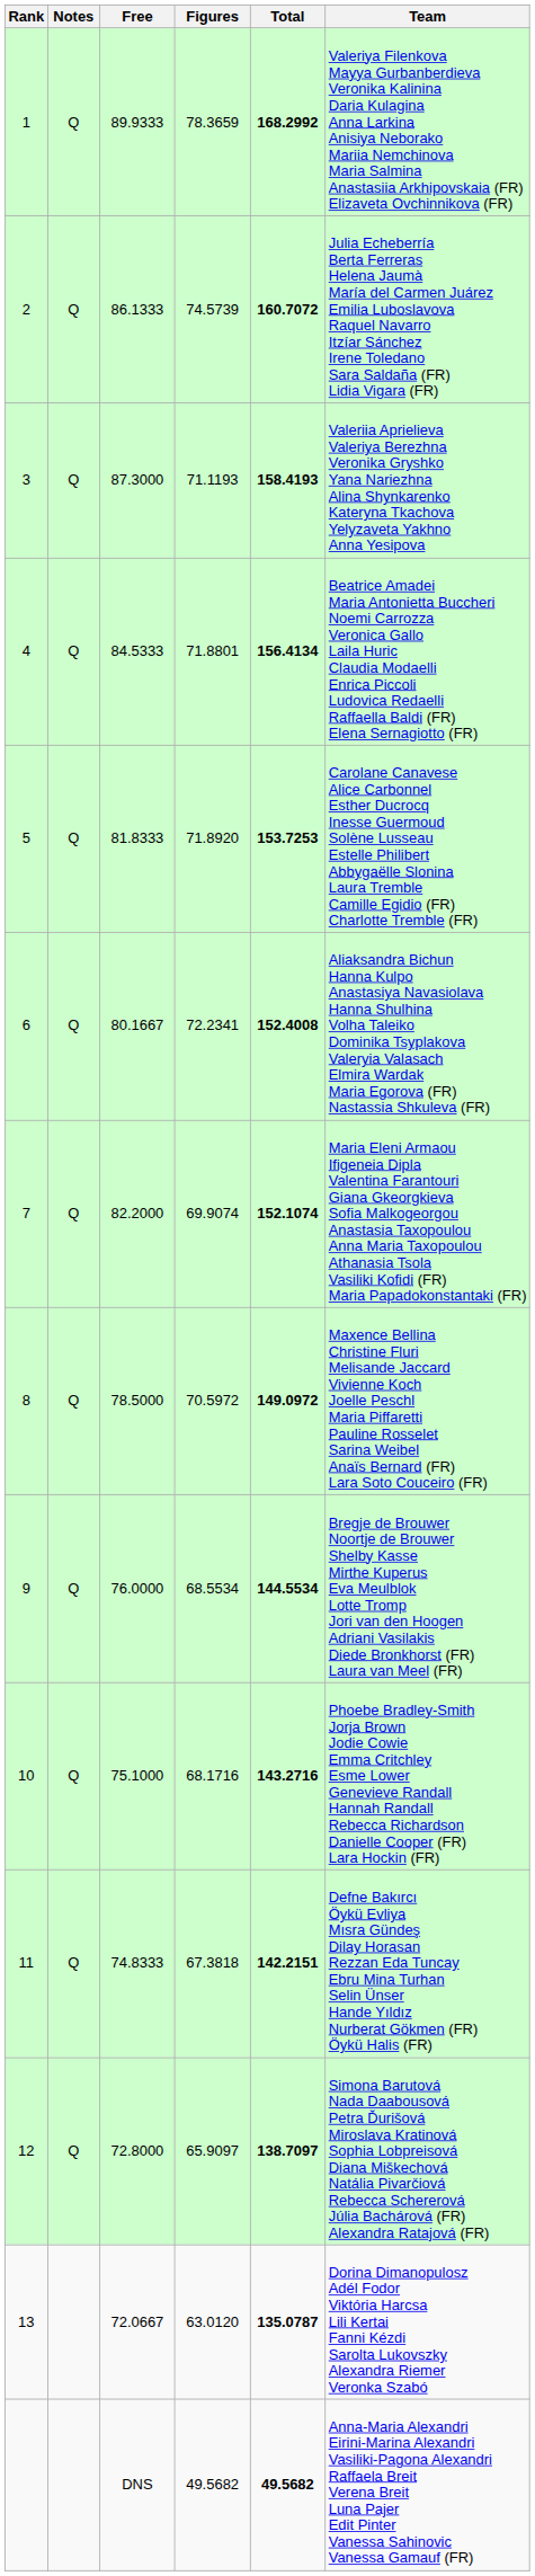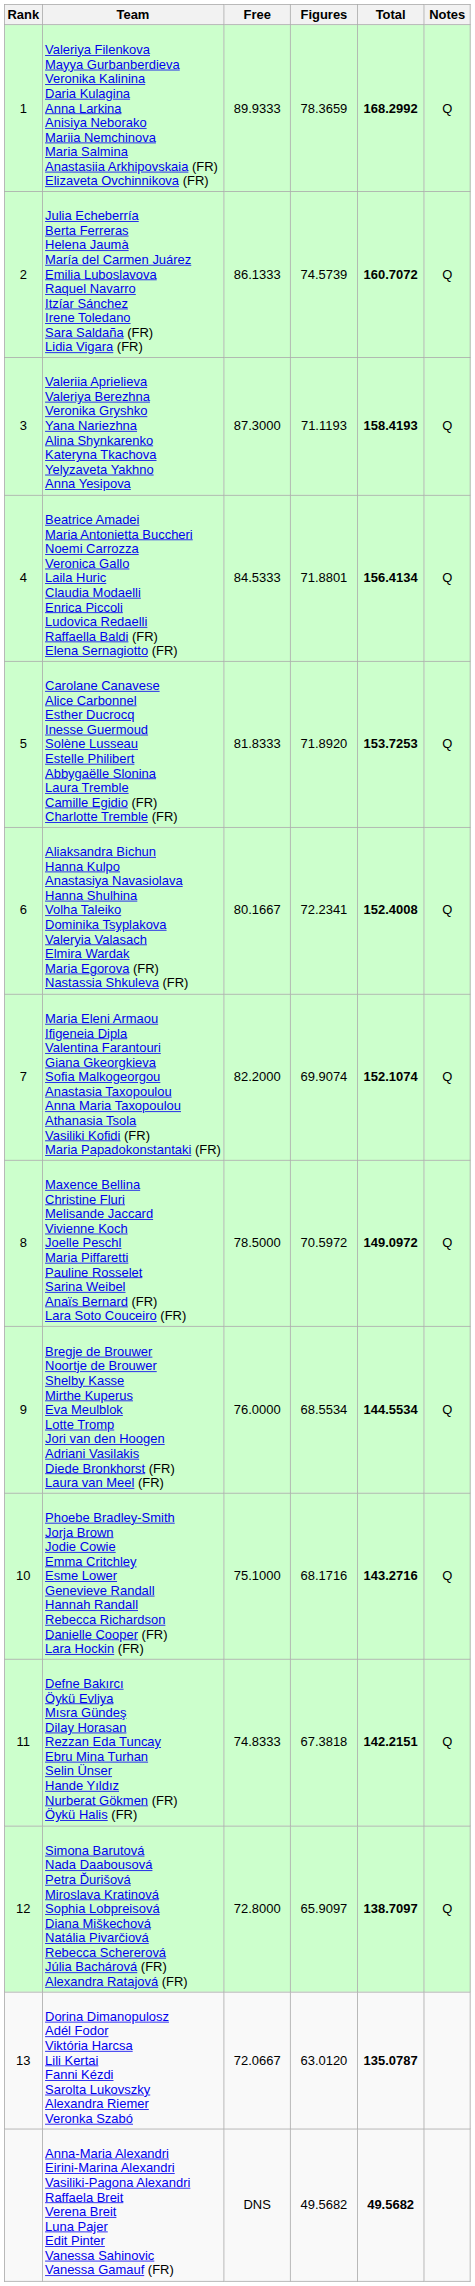 <table class="wikitable sortable" style="text-align:center">
 <tr>
 <th>Rank</th>
-<th width=50>Notes</th>
+<th>Team</th>
 <th width=75>Free</th>
 <th width=75>Figures</th>
 <th width=75>Total</th>
-<th>Team</th>
+<th width=50>Notes</th>
 </tr>
 <tr bgcolor=ccffcc>
 <td>1</td>
-<td>Q</td>
+<td align=left><br><a href='#'>Valeriya Filenkova</a><br><a href='#'>Mayya Gurbanberdieva</a><br><a href='#'>Veronika Kalinina</a><br><a href='#'>Daria Kulagina</a><br><a href='#'>Anna Larkina</a><br><a href='#'>Anisiya Neborako</a><br><a href='#'>Mariia Nemchinova</a><br><a href='#'>Maria Salmina</a><br><a href='#'>Anastasiia Arkhipovskaia</a> (FR)<br><a href='#'>Elizaveta Ovchinnikova</a> (FR)</td>
 <td>89.9333</td>
 <td>78.3659</td>
 <td><strong>168.2992</strong></td>
-<td align=left><br><a href='#'>Valeriya Filenkova</a><br><a href='#'>Mayya Gurbanberdieva</a><br><a href='#'>Veronika Kalinina</a><br><a href='#'>Daria Kulagina</a><br><a href='#'>Anna Larkina</a><br><a href='#'>Anisiya Neborako</a><br><a href='#'>Mariia Nemchinova</a><br><a href='#'>Maria Salmina</a><br><a href='#'>Anastasiia Arkhipovskaia</a> (FR)<br><a href='#'>Elizaveta Ovchinnikova</a> (FR)</td>
+<td>Q</td>
 </tr>
 <tr bgcolor=ccffcc>
 <td>2</td>
-<td>Q</td>
+<td align=left><br><a href='#'>Julia Echeberría</a><br><a href='#'>Berta Ferreras</a><br><a href='#'>Helena Jaumà</a><br><a href='#'>María del Carmen Juárez</a><br><a href='#'>Emilia Luboslavova</a><br><a href='#'>Raquel Navarro</a><br><a href='#'>Itzíar Sánchez</a><br><a href='#'>Irene Toledano</a><br><a href='#'>Sara Saldaña</a> (FR)<br><a href='#'>Lidia Vigara</a> (FR)</td>
 <td>86.1333</td>
 <td>74.5739</td>
 <td><strong>160.7072</strong></td>
-<td align=left><br><a href='#'>Julia Echeberría</a><br><a href='#'>Berta Ferreras</a><br><a href='#'>Helena Jaumà</a><br><a href='#'>María del Carmen Juárez</a><br><a href='#'>Emilia Luboslavova</a><br><a href='#'>Raquel Navarro</a><br><a href='#'>Itzíar Sánchez</a><br><a href='#'>Irene Toledano</a><br><a href='#'>Sara Saldaña</a> (FR)<br><a href='#'>Lidia Vigara</a> (FR)</td>
+<td>Q</td>
 </tr>
 <tr bgcolor=ccffcc>
 <td>3</td>
-<td>Q</td>
+<td align=left><br><a href='#'>Valeriia Aprielieva</a><br><a href='#'>Valeriya Berezhna</a><br><a href='#'>Veronika Gryshko</a><br><a href='#'>Yana Nariezhna</a><br><a href='#'>Alina Shynkarenko</a><br><a href='#'>Kateryna Tkachova</a><br><a href='#'>Yelyzaveta Yakhno</a><br><a href='#'>Anna Yesipova</a></td>
 <td>87.3000</td>
 <td>71.1193</td>
 <td><strong>158.4193</strong></td>
-<td align=left><br><a href='#'>Valeriia Aprielieva</a><br><a href='#'>Valeriya Berezhna</a><br><a href='#'>Veronika Gryshko</a><br><a href='#'>Yana Nariezhna</a><br><a href='#'>Alina Shynkarenko</a><br><a href='#'>Kateryna Tkachova</a><br><a href='#'>Yelyzaveta Yakhno</a><br><a href='#'>Anna Yesipova</a></td>
+<td>Q</td>
 </tr>
 <tr bgcolor=ccffcc>
 <td>4</td>
-<td>Q</td>
+<td align=left><br><a href='#'>Beatrice Amadei</a><br><a href='#'>Maria Antonietta Buccheri</a><br><a href='#'>Noemi Carrozza</a><br><a href='#'>Veronica Gallo</a><br><a href='#'>Laila Huric</a><br><a href='#'>Claudia Modaelli</a><br><a href='#'>Enrica Piccoli</a><br><a href='#'>Ludovica Redaelli</a><br><a href='#'>Raffaella Baldi</a> (FR)<br><a href='#'>Elena Sernagiotto</a> (FR)</td>
 <td>84.5333</td>
 <td>71.8801</td>
 <td><strong>156.4134</strong></td>
-<td align=left><br><a href='#'>Beatrice Amadei</a><br><a href='#'>Maria Antonietta Buccheri</a><br><a href='#'>Noemi Carrozza</a><br><a href='#'>Veronica Gallo</a><br><a href='#'>Laila Huric</a><br><a href='#'>Claudia Modaelli</a><br><a href='#'>Enrica Piccoli</a><br><a href='#'>Ludovica Redaelli</a><br><a href='#'>Raffaella Baldi</a> (FR)<br><a href='#'>Elena Sernagiotto</a> (FR)</td>
+<td>Q</td>
 </tr>
 <tr bgcolor=ccffcc>
 <td>5</td>
-<td>Q</td>
+<td align=left><br><a href='#'>Carolane Canavese</a><br><a href='#'>Alice Carbonnel</a><br><a href='#'>Esther Ducrocq</a><br><a href='#'>Inesse Guermoud</a><br><a href='#'>Solène Lusseau</a><br> <a href='#'>Estelle Philibert</a><br><a href='#'>Abbygaëlle Slonina</a><br> <a href='#'>Laura Tremble</a><br><a href='#'>Camille Egidio</a> (FR)<br><a href='#'>Charlotte Tremble</a> (FR)</td>
 <td>81.8333</td>
 <td>71.8920</td>
 <td><strong>153.7253</strong></td>
-<td align=left><br><a href='#'>Carolane Canavese</a><br><a href='#'>Alice Carbonnel</a><br><a href='#'>Esther Ducrocq</a><br><a href='#'>Inesse Guermoud</a><br><a href='#'>Solène Lusseau</a><br> <a href='#'>Estelle Philibert</a><br><a href='#'>Abbygaëlle Slonina</a><br> <a href='#'>Laura Tremble</a><br><a href='#'>Camille Egidio</a> (FR)<br><a href='#'>Charlotte Tremble</a> (FR)</td>
+<td>Q</td>
 </tr>
 <tr bgcolor=ccffcc>
 <td>6</td>
-<td>Q</td>
+<td align=left><br> <a href='#'>Aliaksandra Bichun</a><br> <a href='#'>Hanna Kulpo</a><br><a href='#'>Anastasiya Navasiolava</a><br><a href='#'>Hanna Shulhina</a><br><a href='#'>Volha Taleiko</a><br><a href='#'>Dominika Tsyplakova</a><br><a href='#'>Valeryia Valasach</a><br><a href='#'>Elmira Wardak</a><br><a href='#'>Maria Egorova</a> (FR)<br><a href='#'>Nastassia Shkuleva</a> (FR)</td>
 <td>80.1667</td>
 <td>72.2341</td>
 <td><strong>152.4008</strong></td>
-<td align=left><br> <a href='#'>Aliaksandra Bichun</a><br> <a href='#'>Hanna Kulpo</a><br><a href='#'>Anastasiya Navasiolava</a><br><a href='#'>Hanna Shulhina</a><br><a href='#'>Volha Taleiko</a><br><a href='#'>Dominika Tsyplakova</a><br><a href='#'>Valeryia Valasach</a><br><a href='#'>Elmira Wardak</a><br><a href='#'>Maria Egorova</a> (FR)<br><a href='#'>Nastassia Shkuleva</a> (FR)</td>
+<td>Q</td>
 </tr>
 <tr bgcolor=ccffcc>
 <td>7</td>
-<td>Q</td>
+<td align=left><br><a href='#'>Maria Eleni Armaou</a><br><a href='#'>Ifigeneia Dipla</a><br><a href='#'>Valentina Farantouri</a><br><a href='#'>Giana Gkeorgkieva</a><br><a href='#'>Sofia Malkogeorgou</a><br><a href='#'>Anastasia Taxopoulou</a><br><a href='#'>Anna Maria Taxopoulou</a><br><a href='#'>Athanasia Tsola</a><br><a href='#'>Vasiliki Kofidi</a> (FR)<br><a href='#'>Maria Papadokonstantaki</a> (FR)</td>
 <td>82.2000</td>
 <td>69.9074</td>
 <td><strong>152.1074</strong></td>
-<td align=left><br><a href='#'>Maria Eleni Armaou</a><br><a href='#'>Ifigeneia Dipla</a><br><a href='#'>Valentina Farantouri</a><br><a href='#'>Giana Gkeorgkieva</a><br><a href='#'>Sofia Malkogeorgou</a><br><a href='#'>Anastasia Taxopoulou</a><br><a href='#'>Anna Maria Taxopoulou</a><br><a href='#'>Athanasia Tsola</a><br><a href='#'>Vasiliki Kofidi</a> (FR)<br><a href='#'>Maria Papadokonstantaki</a> (FR)</td>
+<td>Q</td>
 </tr>
 <tr bgcolor=ccffcc>
 <td>8</td>
-<td>Q</td>
+<td align=left><br><a href='#'>Maxence Bellina</a><br><a href='#'>Christine Fluri</a><br><a href='#'>Melisande Jaccard</a><br><a href='#'>Vivienne Koch</a><br><a href='#'>Joelle Peschl</a><br><a href='#'>Maria Piffaretti</a><br><a href='#'>Pauline Rosselet</a><br><a href='#'>Sarina Weibel</a><br><a href='#'>Anaïs Bernard</a> (FR)<br><a href='#'>Lara Soto Couceiro</a> (FR)</td>
 <td>78.5000</td>
 <td>70.5972</td>
 <td><strong>149.0972</strong></td>
-<td align=left><br><a href='#'>Maxence Bellina</a><br><a href='#'>Christine Fluri</a><br><a href='#'>Melisande Jaccard</a><br><a href='#'>Vivienne Koch</a><br><a href='#'>Joelle Peschl</a><br><a href='#'>Maria Piffaretti</a><br><a href='#'>Pauline Rosselet</a><br><a href='#'>Sarina Weibel</a><br><a href='#'>Anaïs Bernard</a> (FR)<br><a href='#'>Lara Soto Couceiro</a> (FR)</td>
+<td>Q</td>
 </tr>
 <tr bgcolor=ccffcc>
 <td>9</td>
-<td>Q</td>
+<td align=left><br><a href='#'>Bregje de Brouwer</a><br><a href='#'>Noortje de Brouwer</a><br><a href='#'>Shelby Kasse</a><br><a href='#'>Mirthe Kuperus</a><br><a href='#'>Eva Meulblok</a><br><a href='#'>Lotte Tromp</a><br><a href='#'>Jori van den Hoogen</a><br><a href='#'>Adriani Vasilakis</a><br><a href='#'>Diede Bronkhorst</a> (FR)<br> <a href='#'>Laura van Meel</a> (FR)</td>
 <td>76.0000</td>
 <td>68.5534</td>
 <td><strong>144.5534</strong></td>
-<td align=left><br><a href='#'>Bregje de Brouwer</a><br><a href='#'>Noortje de Brouwer</a><br><a href='#'>Shelby Kasse</a><br><a href='#'>Mirthe Kuperus</a><br><a href='#'>Eva Meulblok</a><br><a href='#'>Lotte Tromp</a><br><a href='#'>Jori van den Hoogen</a><br><a href='#'>Adriani Vasilakis</a><br><a href='#'>Diede Bronkhorst</a> (FR)<br> <a href='#'>Laura van Meel</a> (FR)</td>
+<td>Q</td>
 </tr>
 <tr bgcolor=ccffcc>
 <td>10</td>
-<td>Q</td>
+<td align=left><br><a href='#'>Phoebe Bradley-Smith</a><br><a href='#'>Jorja Brown</a><br><a href='#'>Jodie Cowie</a><br><a href='#'>Emma Critchley</a><br><a href='#'>Esme Lower</a><br><a href='#'>Genevieve Randall</a><br><a href='#'>Hannah Randall</a><br><a href='#'>Rebecca Richardson</a><br><a href='#'>Danielle Cooper</a> (FR)<br> <a href='#'>Lara Hockin</a> (FR)</td>
 <td>75.1000</td>
 <td>68.1716</td>
 <td><strong>143.2716</strong></td>
-<td align=left><br><a href='#'>Phoebe Bradley-Smith</a><br><a href='#'>Jorja Brown</a><br><a href='#'>Jodie Cowie</a><br><a href='#'>Emma Critchley</a><br><a href='#'>Esme Lower</a><br><a href='#'>Genevieve Randall</a><br><a href='#'>Hannah Randall</a><br><a href='#'>Rebecca Richardson</a><br><a href='#'>Danielle Cooper</a> (FR)<br> <a href='#'>Lara Hockin</a> (FR)</td>
+<td>Q</td>
 </tr>
 <tr bgcolor=ccffcc>
 <td>11</td>
-<td>Q</td>
+<td align=left><br><a href='#'>Defne Bakırcı</a><br><a href='#'>Öykü Evliya</a><br><a href='#'>Mısra Gündeş</a><br><a href='#'>Dilay Horasan</a><br><a href='#'>Rezzan Eda Tuncay</a><br><a href='#'>Ebru Mina Turhan</a><br><a href='#'>Selin Ünser</a><br><a href='#'>Hande Yıldız</a><br><a href='#'>Nurberat Gökmen</a> (FR)<br><a href='#'>Öykü Halis</a> (FR)</td>
 <td>74.8333</td>
 <td>67.3818</td>
 <td><strong>142.2151</strong></td>
-<td align=left><br><a href='#'>Defne Bakırcı</a><br><a href='#'>Öykü Evliya</a><br><a href='#'>Mısra Gündeş</a><br><a href='#'>Dilay Horasan</a><br><a href='#'>Rezzan Eda Tuncay</a><br><a href='#'>Ebru Mina Turhan</a><br><a href='#'>Selin Ünser</a><br><a href='#'>Hande Yıldız</a><br><a href='#'>Nurberat Gökmen</a> (FR)<br><a href='#'>Öykü Halis</a> (FR)</td>
+<td>Q</td>
 </tr>
 <tr bgcolor=ccffcc>
 <td>12</td>
-<td>Q</td>
+<td align=left><br><a href='#'>Simona Barutová</a><br><a href='#'>Nada Daabousová</a><br><a href='#'>Petra Ďurišová</a><br><a href='#'>Miroslava Kratinová</a><br><a href='#'>Sophia Lobpreisová</a><br><a href='#'>Diana Miškechová</a><br><a href='#'>Natália Pivarčiová</a><br><a href='#'>Rebecca Schererová</a><br><a href='#'>Júlia Bachárová</a> (FR)<br><a href='#'>Alexandra Ratajová</a> (FR)</td>
 <td>72.8000</td>
 <td>65.9097</td>
 <td><strong>138.7097</strong></td>
-<td align=left><br><a href='#'>Simona Barutová</a><br><a href='#'>Nada Daabousová</a><br><a href='#'>Petra Ďurišová</a><br><a href='#'>Miroslava Kratinová</a><br><a href='#'>Sophia Lobpreisová</a><br><a href='#'>Diana Miškechová</a><br><a href='#'>Natália Pivarčiová</a><br><a href='#'>Rebecca Schererová</a><br><a href='#'>Júlia Bachárová</a> (FR)<br><a href='#'>Alexandra Ratajová</a> (FR)</td>
+<td>Q</td>
 </tr>
 <tr>
 <td>13</td>
-<td></td>
+<td align=left><br><a href='#'>Dorina Dimanopulosz</a><br><a href='#'>Adél Fodor</a><br><a href='#'>Viktória Harcsa</a><br><a href='#'>Lili Kertai</a><br><a href='#'>Fanni Kézdi</a><br><a href='#'>Sarolta Lukovszky</a><br><a href='#'>Alexandra Riemer</a><br><a href='#'>Veronka Szabó</a></td>
 <td>72.0667</td>
 <td>63.0120</td>
 <td><strong>135.0787</strong></td>
-<td align=left><br><a href='#'>Dorina Dimanopulosz</a><br><a href='#'>Adél Fodor</a><br><a href='#'>Viktória Harcsa</a><br><a href='#'>Lili Kertai</a><br><a href='#'>Fanni Kézdi</a><br><a href='#'>Sarolta Lukovszky</a><br><a href='#'>Alexandra Riemer</a><br><a href='#'>Veronka Szabó</a></td>
+<td></td>
 </tr>
 <tr>
 <td></td>
-<td></td>
+<td align=left><br><a href='#'>Anna-Maria Alexandri</a><br><a href='#'>Eirini-Marina Alexandri</a><br><a href='#'>Vasiliki-Pagona Alexandri</a><br><a href='#'>Raffaela Breit</a><br><a href='#'>Verena Breit</a><br><a href='#'>Luna Pajer</a><br><a href='#'>Edit Pinter</a><br><a href='#'>Vanessa Sahinovic</a><br><a href='#'>Vanessa Gamauf</a> (FR)</td>
 <td>DNS</td>
 <td>49.5682</td>
 <td><strong>49.5682</strong></td>
-<td align=left><br><a href='#'>Anna-Maria Alexandri</a><br><a href='#'>Eirini-Marina Alexandri</a><br><a href='#'>Vasiliki-Pagona Alexandri</a><br><a href='#'>Raffaela Breit</a><br><a href='#'>Verena Breit</a><br><a href='#'>Luna Pajer</a><br><a href='#'>Edit Pinter</a><br><a href='#'>Vanessa Sahinovic</a><br><a href='#'>Vanessa Gamauf</a> (FR)</td>
+<td></td>
 </tr>
 </table>
